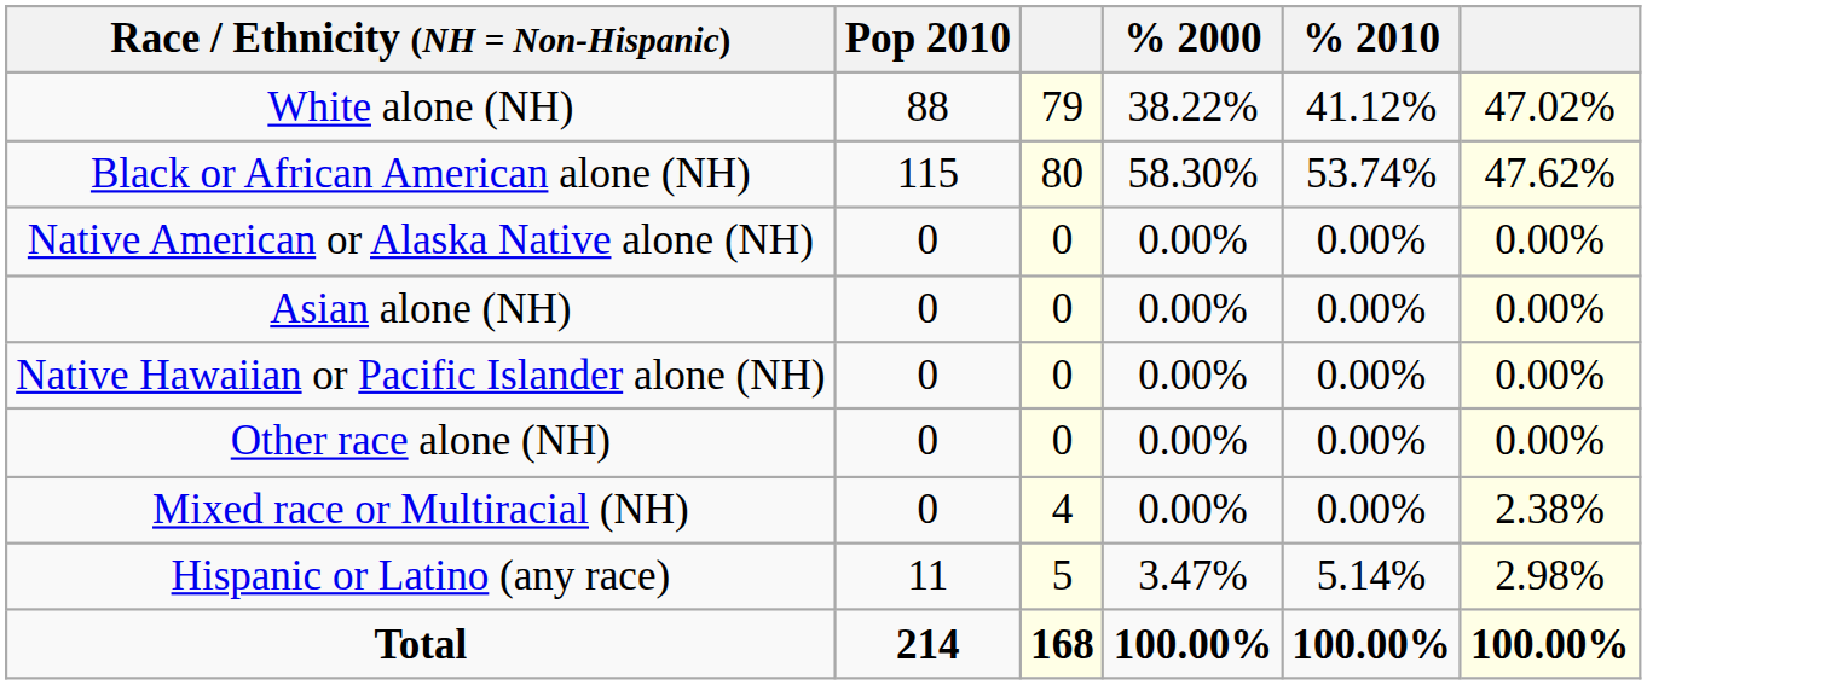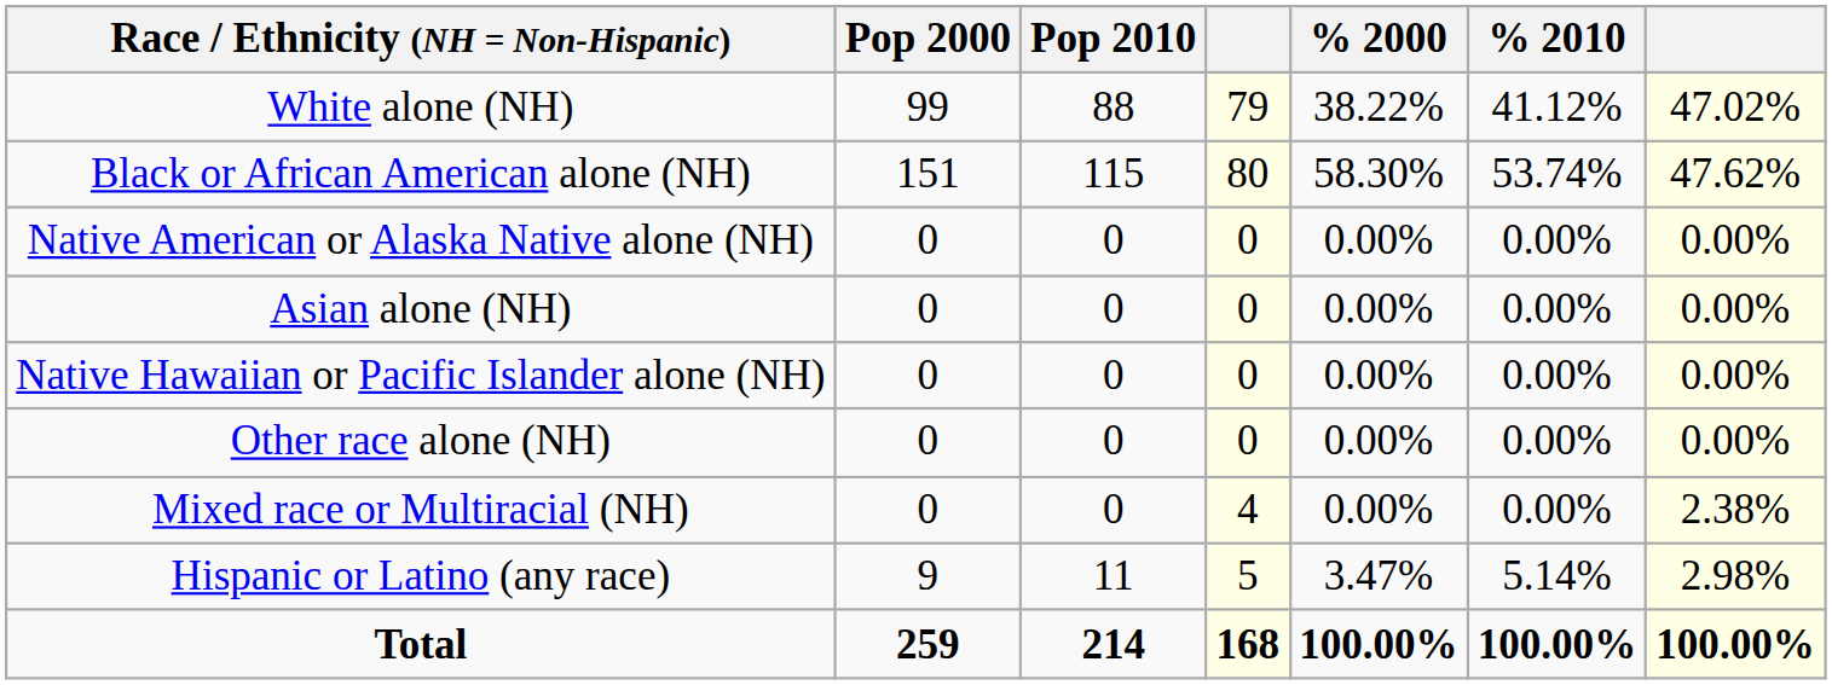 <table class="wikitable" style="text-align:center;">
 <tr>
 <th>Race / Ethnicity <small>(<em>NH = Non-Hispanic</em>)</small></th>
+<th>Pop 2000</th>
 <th>Pop 2010</th>
 <th></th>
 <th>% 2000</th>
 <th>% 2010</th>
 <th></th>
 </tr>
 <tr>
 <td><a href='#'>White</a> alone (NH)</td>
+<td>99</td>
 <td>88</td>
 <td style='background: #ffffe6;'>79</td>
 <td>38.22%</td>
 <td>41.12%</td>
 <td style='background: #ffffe6;'>47.02%</td>
 </tr>
 <tr>
 <td><a href='#'>Black or African American</a> alone (NH)</td>
+<td>151</td>
 <td>115</td>
 <td style='background: #ffffe6;'>80</td>
 <td>58.30%</td>
 <td>53.74%</td>
 <td style='background: #ffffe6;'>47.62%</td>
 </tr>
 <tr>
 <td><a href='#'>Native American</a> or <a href='#'>Alaska Native</a> alone (NH)</td>
 <td>0</td>
+<td>0</td>
 <td style='background: #ffffe6;'>0</td>
 <td>0.00%</td>
 <td>0.00%</td>
 <td style='background: #ffffe6;'>0.00%</td>
 </tr>
 <tr>
 <td><a href='#'>Asian</a> alone (NH)</td>
+<td>0</td>
 <td>0</td>
 <td style='background: #ffffe6;'>0</td>
 <td>0.00%</td>
 <td>0.00%</td>
 <td style='background: #ffffe6;'>0.00%</td>
 </tr>
 <tr>
 <td><a href='#'>Native Hawaiian</a> or <a href='#'>Pacific Islander</a> alone (NH)</td>
 <td>0</td>
+<td>0</td>
 <td style='background: #ffffe6;'>0</td>
 <td>0.00%</td>
 <td>0.00%</td>
 <td style='background: #ffffe6;'>0.00%</td>
 </tr>
 <tr>
 <td><a href='#'>Other race</a> alone (NH)</td>
+<td>0</td>
 <td>0</td>
 <td style='background: #ffffe6;'>0</td>
 <td>0.00%</td>
 <td>0.00%</td>
 <td style='background: #ffffe6;'>0.00%</td>
 </tr>
 <tr>
 <td><a href='#'>Mixed race or Multiracial</a> (NH)</td>
 <td>0</td>
+<td>0</td>
 <td style='background: #ffffe6;'>4</td>
 <td>0.00%</td>
 <td>0.00%</td>
 <td style='background: #ffffe6;'>2.38%</td>
 </tr>
 <tr>
 <td><a href='#'>Hispanic or Latino</a> (any race)</td>
+<td>9</td>
 <td>11</td>
 <td style='background: #ffffe6;'>5</td>
 <td>3.47%</td>
 <td>5.14%</td>
 <td style='background: #ffffe6;'>2.98%</td>
 </tr>
 <tr>
 <td><strong>Total</strong></td>
+<td><strong>259</strong></td>
 <td><strong>214</strong></td>
 <td style='background: #ffffe6;'><strong>168</strong></td>
 <td><strong>100.00%</strong></td>
 <td><strong>100.00%</strong></td>
 <td style='background: #ffffe6;'><strong>100.00%</strong></td>
 </tr>
 </table>
